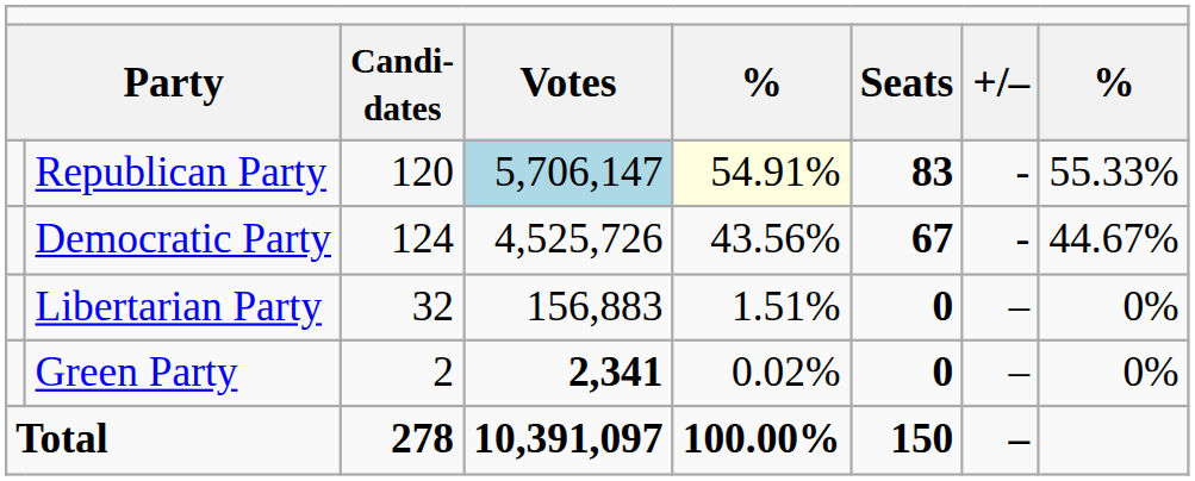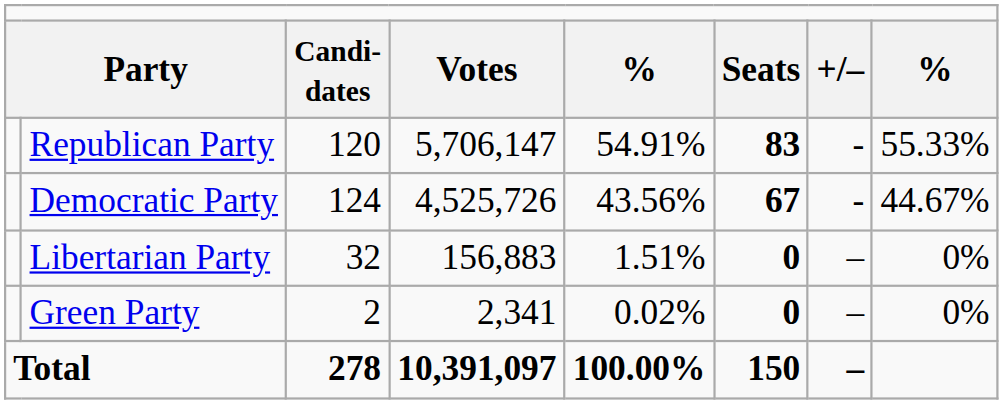 <table class="wikitable" style="font-size:100%; text-align:right;">
 <tr>
 <td colspan=15 align=center></td>
 </tr>
 <tr>
 <th colspan=2>Party</th>
 <th><small>Candi-<br>dates</small></th>
 <th>Votes</th>
 <th>%</th>
 <th>Seats</th>
 <th>+/–</th>
 <th>%</th>
 </tr>
 <tr>
 <td style="background:"></td>
 <td align=left><a href='#'>Republican Party</a></td>
 <td>120</td>
-<td style="background: lightblue;">5,706,147</td>
-<td style="background: lightyellow;">54.91%</td>
+<td>5,706,147</td>
+<td>54.91%</td>
 <td><strong>83</strong></td>
 <td>-</td>
 <td>55.33%</td>
 </tr>
 <tr>
 <td style="background:"></td>
 <td align=left><a href='#'>Democratic Party</a></td>
 <td>124</td>
 <td>4,525,726</td>
 <td>43.56%</td>
 <td><strong>67</strong></td>
 <td>-</td>
 <td>44.67%</td>
 </tr>
 <tr>
 <td style="background:"></td>
 <td align=left><a href='#'>Libertarian Party</a></td>
 <td>32</td>
 <td>156,883</td>
 <td>1.51%</td>
 <td><strong>0</strong></td>
 <td>–</td>
 <td>0%</td>
 </tr>
 <tr>
 <td style="background:"></td>
 <td align=left><a href='#'>Green Party</a></td>
 <td>2</td>
-<td><strong>2,341</strong></td>
+<td>2,341</td>
 <td>0.02%</td>
 <td><strong>0</strong></td>
 <td>–</td>
 <td>0%</td>
 </tr>
 <tr style="font-weight:bold">
 <td colspan=2 align=left>Total</td>
 <td>278</td>
 <td>10,391,097</td>
 <td>100.00%</td>
 <td>150</td>
 <td>–</td>
 </tr>
 </table>
